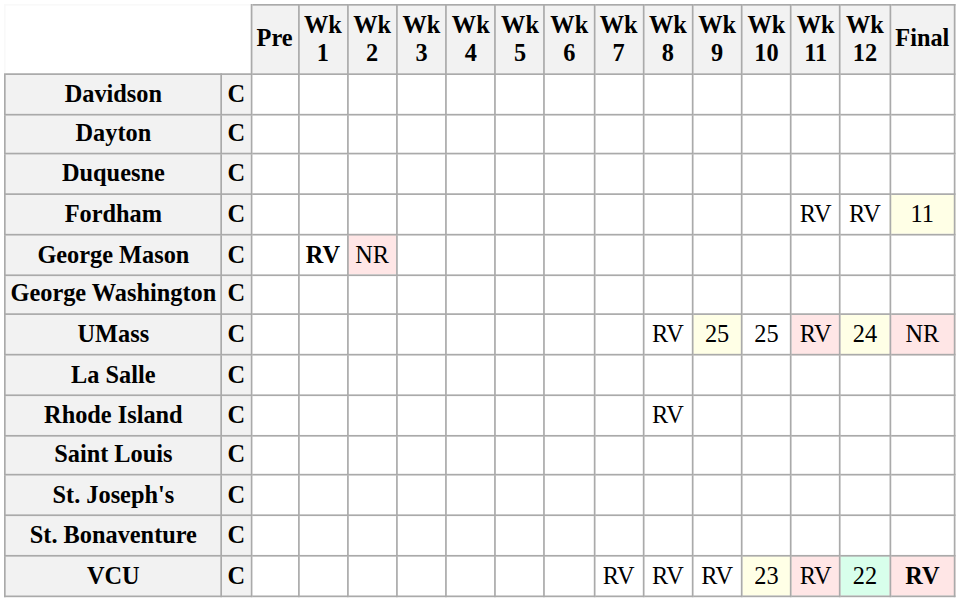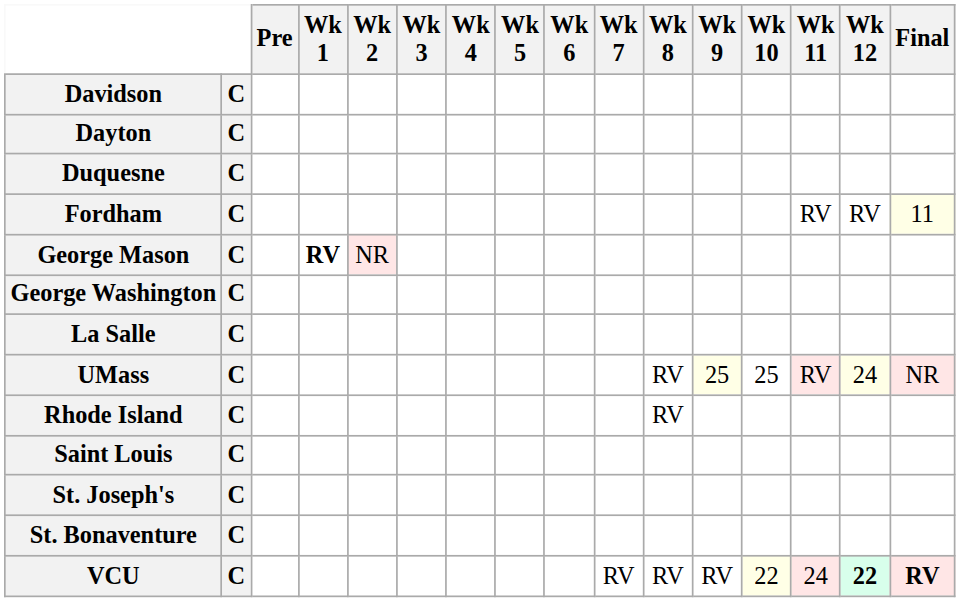 <table class="wikitable" style="white-space:nowrap;font-size:90%;">
 <tr>
 <th colspan=2 style="background:white; border-top-style:hidden; border-left-style:hidden;"> </th>
 <th>Pre</th>
 <th>Wk<br>1</th>
 <th>Wk<br>2</th>
 <th>Wk<br>3</th>
 <th>Wk<br>4</th>
 <th>Wk<br>5</th>
 <th>Wk<br>6</th>
 <th>Wk<br>7</th>
 <th>Wk<br>8</th>
 <th>Wk<br>9</th>
 <th>Wk<br>10</th>
 <th>Wk<br>11</th>
 <th>Wk<br>12</th>
 <th>Final</th>
 </tr>
 <tr style="text-align:center;">
 <th>Davidson</th>
 <th>C</th>
 <td style="background:#FFF;"></td>
 <td style="background:#FFF;"></td>
 <td style="background:#FFF;"></td>
 <td style="background:#FFF;"></td>
 <td style="background:#FFF;"></td>
 <td style="background:#FFF;"></td>
 <td style="background:#FFF;"></td>
 <td style="background:#FFF;"></td>
 <td style="background:#FFF;"></td>
 <td style="background:#FFF;"></td>
 <td style="background:#FFF;"></td>
 <td style="background:#FFF;"></td>
 <td style="background:#FFF;"></td>
 <td style="background:#FFF;"></td>
 </tr>
 <tr style="text-align:center;">
 <th>Dayton</th>
 <th>C</th>
 <td style="background:#FFF;"></td>
 <td style="background:#FFF;"></td>
 <td style="background:#FFF;"></td>
 <td style="background:#FFF;"></td>
 <td style="background:#FFF;"></td>
 <td style="background:#FFF;"></td>
 <td style="background:#FFF;"></td>
 <td style="background:#FFF;"></td>
 <td style="background:#FFF;"></td>
 <td style="background:#FFF;"></td>
 <td style="background:#FFF;"></td>
 <td style="background:#FFF;"></td>
 <td style="background:#FFF;"></td>
 <td style="background:#FFF;"></td>
 </tr>
 <tr style="text-align:center;">
 <th>Duquesne</th>
 <th>C</th>
 <td style="background:#FFF;"></td>
 <td style="background:#FFF;"></td>
 <td style="background:#FFF;"></td>
 <td style="background:#FFF;"></td>
 <td style="background:#FFF;"></td>
 <td style="background:#FFF;"></td>
 <td style="background:#FFF;"></td>
 <td style="background:#FFF;"></td>
 <td style="background:#FFF;"></td>
 <td style="background:#FFF;"></td>
 <td style="background:#FFF;"></td>
 <td style="background:#FFF;"></td>
 <td style="background:#FFF;"></td>
 <td style="background:#FFF;"></td>
 </tr>
 <tr style="text-align:center;">
 <th>Fordham</th>
 <th>C</th>
 <td style="background:#FFF;"></td>
 <td style="background:#FFF;"></td>
 <td style="background:#FFF;"></td>
 <td style="background:#FFF;"></td>
 <td style="background:#FFF;"></td>
 <td style="background:#FFF;"></td>
 <td style="background:#FFF;"></td>
 <td style="background:#FFF;"></td>
 <td style="background:#FFF;"></td>
 <td style="background:#FFF;"></td>
 <td style="background:#FFF;"></td>
 <td style="background:#FFF;"> RV</td>
 <td style="background:#FFF;"> RV</td>
 <td style="background:#FFFFE6;"> 11</td>
 </tr>
 <tr style="text-align:center;">
 <th>George Mason</th>
 <th>C</th>
 <td style="background:#FFF;"></td>
 <td style="background:#FFF;"><strong> RV</strong></td>
 <td style="background:#FFE6E6;"> NR</td>
 <td style="background:#FFF;"></td>
 <td style="background:#FFF;"></td>
 <td style="background:#FFF;"></td>
 <td style="background:#FFF;"></td>
 <td style="background:#FFF;"></td>
 <td style="background:#FFF;"></td>
 <td style="background:#FFF;"></td>
 <td style="background:#FFF;"></td>
 <td style="background:#FFF;"></td>
 <td style="background:#FFF;"></td>
 <td style="background:#FFF;"></td>
 </tr>
 <tr style="text-align:center;">
 <th>George Washington</th>
 <th>C</th>
 <td style="background:#FFF;"></td>
 <td style="background:#FFF;"></td>
 <td style="background:#FFF;"></td>
 <td style="background:#FFF;"></td>
 <td style="background:#FFF;"></td>
 <td style="background:#FFF;"></td>
 <td style="background:#FFF;"></td>
 <td style="background:#FFF;"></td>
 <td style="background:#FFF;"></td>
 <td style="background:#FFF;"></td>
 <td style="background:#FFF;"></td>
 <td style="background:#FFF;"></td>
 <td style="background:#FFF;"></td>
 <td style="background:#FFF;"></td>
 </tr>
 <tr style="text-align:center;">
+<th>La Salle</th>
+<th>C</th>
+<td style="background:#FFF;"></td>
+<td style="background:#FFF;"></td>
+<td style="background:#FFF;"></td>
+<td style="background:#FFF;"></td>
+<td style="background:#FFF;"></td>
+<td style="background:#FFF;"></td>
+<td style="background:#FFF;"></td>
+<td style="background:#FFF;"></td>
+<td style="background:#FFF;"></td>
+<td style="background:#FFF;"></td>
+<td style="background:#FFF;"></td>
+<td style="background:#FFF;"></td>
+<td style="background:#FFF;"></td>
+<td style="background:#FFF;"></td>
+</tr>
+<tr style="text-align:center;">
 <th>UMass</th>
 <th>C</th>
 <td style="background:#FFF;"></td>
 <td style="background:#FFF;"></td>
 <td style="background:#FFF;"></td>
 <td style="background:#FFF;"></td>
 <td style="background:#FFF;"></td>
 <td style="background:#FFF;"></td>
 <td style="background:#FFF;"></td>
 <td style="background:#FFF;"></td>
 <td style="background:#FFF;"> RV</td>
 <td style="background:#FFFFE6;"> 25</td>
 <td style="background:#FFF;"> 25</td>
 <td style="background:#FFE6E6;"> RV</td>
 <td style="background:#FFFFE6;"> 24</td>
 <td style="background:#FFE6E6;"> NR</td>
-</tr>
-<tr style="text-align:center;">
-<th>La Salle</th>
-<th>C</th>
-<td style="background:#FFF;"></td>
-<td style="background:#FFF;"></td>
-<td style="background:#FFF;"></td>
-<td style="background:#FFF;"></td>
-<td style="background:#FFF;"></td>
-<td style="background:#FFF;"></td>
-<td style="background:#FFF;"></td>
-<td style="background:#FFF;"></td>
-<td style="background:#FFF;"></td>
-<td style="background:#FFF;"></td>
-<td style="background:#FFF;"></td>
-<td style="background:#FFF;"></td>
-<td style="background:#FFF;"></td>
-<td style="background:#FFF;"></td>
 </tr>
 <tr style="text-align:center;">
 <th>Rhode Island</th>
 <th>C</th>
 <td style="background:#FFF;"></td>
 <td style="background:#FFF;"></td>
 <td style="background:#FFF;"></td>
 <td style="background:#FFF;"></td>
 <td style="background:#FFF;"></td>
 <td style="background:#FFF;"></td>
 <td style="background:#FFF;"></td>
 <td style="background:#FFF;"></td>
 <td style="background:#FFF;"> RV</td>
 <td style="background:#FFF;"></td>
 <td style="background:#FFF;"></td>
 <td style="background:#FFF;"></td>
 <td style="background:#FFF;"></td>
 <td style="background:#FFF;"></td>
 </tr>
 <tr style="text-align:center;">
 <th>Saint Louis</th>
 <th>C</th>
 <td style="background:#FFF;"></td>
 <td style="background:#FFF;"></td>
 <td style="background:#FFF;"></td>
 <td style="background:#FFF;"></td>
 <td style="background:#FFF;"></td>
 <td style="background:#FFF;"></td>
 <td style="background:#FFF;"></td>
 <td style="background:#FFF;"></td>
 <td style="background:#FFF;"></td>
 <td style="background:#FFF;"></td>
 <td style="background:#FFF;"></td>
 <td style="background:#FFF;"></td>
 <td style="background:#FFF;"></td>
 <td style="background:#FFF;"></td>
 </tr>
 <tr style="text-align:center;">
 <th>St. Joseph's</th>
 <th>C</th>
 <td style="background:#FFF;"></td>
 <td style="background:#FFF;"></td>
 <td style="background:#FFF;"></td>
 <td style="background:#FFF;"></td>
 <td style="background:#FFF;"></td>
 <td style="background:#FFF;"></td>
 <td style="background:#FFF;"></td>
 <td style="background:#FFF;"></td>
 <td style="background:#FFF;"></td>
 <td style="background:#FFF;"></td>
 <td style="background:#FFF;"></td>
 <td style="background:#FFF;"></td>
 <td style="background:#FFF;"></td>
 <td style="background:#FFF;"></td>
 </tr>
 <tr style="text-align:center;">
 <th>St. Bonaventure</th>
 <th>C</th>
 <td style="background:#FFF;"></td>
 <td style="background:#FFF;"></td>
 <td style="background:#FFF;"></td>
 <td style="background:#FFF;"></td>
 <td style="background:#FFF;"></td>
 <td style="background:#FFF;"></td>
 <td style="background:#FFF;"></td>
 <td style="background:#FFF;"></td>
 <td style="background:#FFF;"></td>
 <td style="background:#FFF;"></td>
 <td style="background:#FFF;"></td>
 <td style="background:#FFF;"></td>
 <td style="background:#FFF;"></td>
 <td style="background:#FFF;"></td>
 </tr>
 <tr style="text-align:center;">
 <th>VCU</th>
 <th>C</th>
 <td style="background:#FFF;"></td>
 <td style="background:#FFF;"></td>
 <td style="background:#FFF;"></td>
 <td style="background:#FFF;"></td>
 <td style="background:#FFF;"></td>
 <td style="background:#FFF;"></td>
 <td style="background:#FFF;"></td>
 <td style="background:#FFF;"> RV</td>
 <td style="background:#FFF;"> RV</td>
 <td style="background:#FFF;"> RV</td>
-<td style="background:#FFFFE6;"> 23</td>
-<td style="background:#FFE6E6;"> RV</td>
-<td style="background:#D8FFEB;"> 22</td>
+<td style="background:#FFFFE6;"> 22</td>
+<td style="background:#FFE6E6;"> 24</td>
+<td style="background:#D8FFEB;"><strong> 22</strong></td>
 <td style="background:#FFE6E6;"><strong> RV</strong></td>
 </tr>
 </table>
